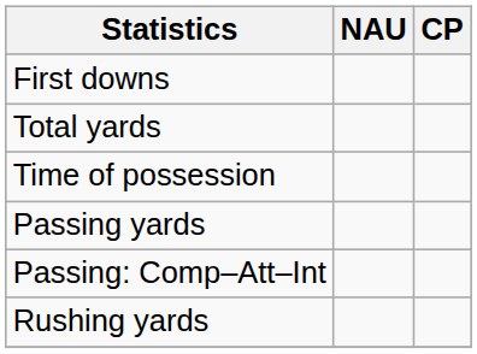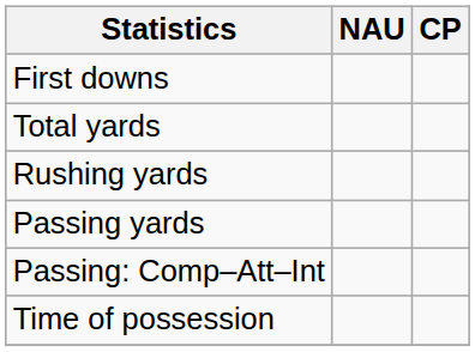 <table class="wikitable" style="float: left;">
 <tr>
 <th>Statistics</th>
 <th>NAU</th>
 <th>CP</th>
 </tr>
 <tr>
 <td>First downs</td>
 <td></td>
 <td></td>
 </tr>
 <tr>
 <td>Total yards</td>
 <td></td>
 <td></td>
 </tr>
 <tr>
-<td>Time of possession</td>
+<td>Rushing yards</td>
 <td></td>
 <td></td>
 </tr>
 <tr>
 <td>Passing yards</td>
 <td></td>
 <td></td>
 </tr>
 <tr>
 <td>Passing: Comp–Att–Int</td>
 <td></td>
 <td></td>
 </tr>
 <tr>
-<td>Rushing yards</td>
+<td>Time of possession</td>
 <td></td>
 <td></td>
 </tr>
 <tr>
 </tr>
 </table>
